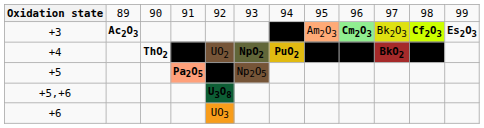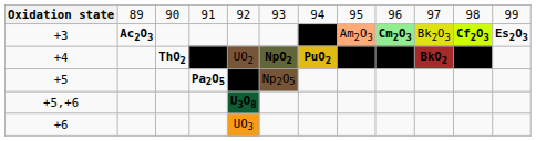 <table class="wikitable collapsible collapsed" style="text-align:center">
 <tr>
 <th>Oxidation state</th>
 <td>89</td>
 <td>90</td>
 <td>91</td>
 <td>92</td>
 <td>93</td>
 <td>94</td>
 <td>95</td>
 <td>96</td>
 <td>97</td>
 <td>98</td>
 <td>99</td>
 </tr>
 <tr>
 <td>+3</td>
 <td><strong>Ac<sub>2</sub>O<sub>3</sub></strong></td>
 <td></td>
 <td></td>
 <td></td>
 <td></td>
 <td bgcolor=black><span>Pu<sub>2</sub>O<sub>3</sub></span></td>
 <td style="background:#fa7;">Am<sub>2</sub>O<sub>3</sub></td>
 <td style="background: lightgreen;"><strong>Cm<sub>2</sub>O<sub>3</sub></strong></td>
 <td style="background:#dfe111;">Bk<sub>2</sub>O<sub>3</sub></td>
 <td style="background:#cf0;"><strong>Cf<sub>2</sub>O<sub>3</sub></strong></td>
 <td><strong>Es<sub>2</sub>O<sub>3</sub></strong></td>
 </tr>
 <tr>
 <td>+4</td>
 <td></td>
 <td><strong>ThO<sub>2</sub></strong></td>
 <td bgcolor=black><span>PaO<sub>2</sub></span></td>
 <td style="background:#765538;"><span>UO<sub>2</sub></span></td>
 <td style="background:#616639;"><strong>NpO<sub>2</sub></strong></td>
 <td style="background:#e1bb11;"><strong>PuO<sub>2</sub></strong></td>
 <td bgcolor=black><span><strong>AmO<sub>2</sub></strong></span></td>
 <td bgcolor=black><span>CmO<sub>2</sub></span></td>
 <td bgcolor=brown><strong>BkO<sub>2</sub></strong></td>
 <td bgcolor=black><span>CfO<sub>2</sub></span></td>
 <td></td>
 </tr>
 <tr>
 <td>+5</td>
 <td></td>
 <td></td>
-<td style="background: lightsalmon;"><strong>Pa<sub>2</sub>O<sub>5</sub></strong></td>
+<td><strong>Pa<sub>2</sub>O<sub>5</sub></strong></td>
 <td bgcolor=black><span>U<sub>2</sub>O<sub>5</sub></span></td>
 <td style="background:#765538;"><span>Np<sub>2</sub>O<sub>5</sub></span></td>
 <td></td>
 <td></td>
 <td></td>
 <td></td>
 <td></td>
 <td></td>
 </tr>
 <tr>
 <td>+5,+6</td>
 <td></td>
 <td></td>
 <td></td>
 <td style="background:#0d5e35;"><span><strong>U<sub>3</sub>O<sub>8</sub></strong></span></td>
 <td></td>
 <td></td>
 <td></td>
 <td></td>
 <td></td>
 <td></td>
 <td></td>
 </tr>
 <tr>
 <td>+6</td>
 <td></td>
 <td></td>
 <td></td>
 <td style="background:#f89d1a;">UO<sub>3</sub></td>
 <td></td>
 <td></td>
 <td></td>
 <td></td>
 <td></td>
 <td></td>
 <td></td>
 </tr>
 </table>
